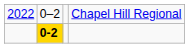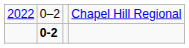 <table class="wikitable">
 <tr>
 <td><a href='#'>2022</a></td>
 <td>0–2</td>
 <td></td>
 <td><a href='#'>Chapel Hill Regional</a></td>
 </tr>
 <tr>
 <td></td>
-<td style="background: gold;"><strong>0-2</strong></td>
+<td><strong>0-2</strong></td>
 <td><strong></strong></td>
 <td></td>
 </tr>
 </table>
